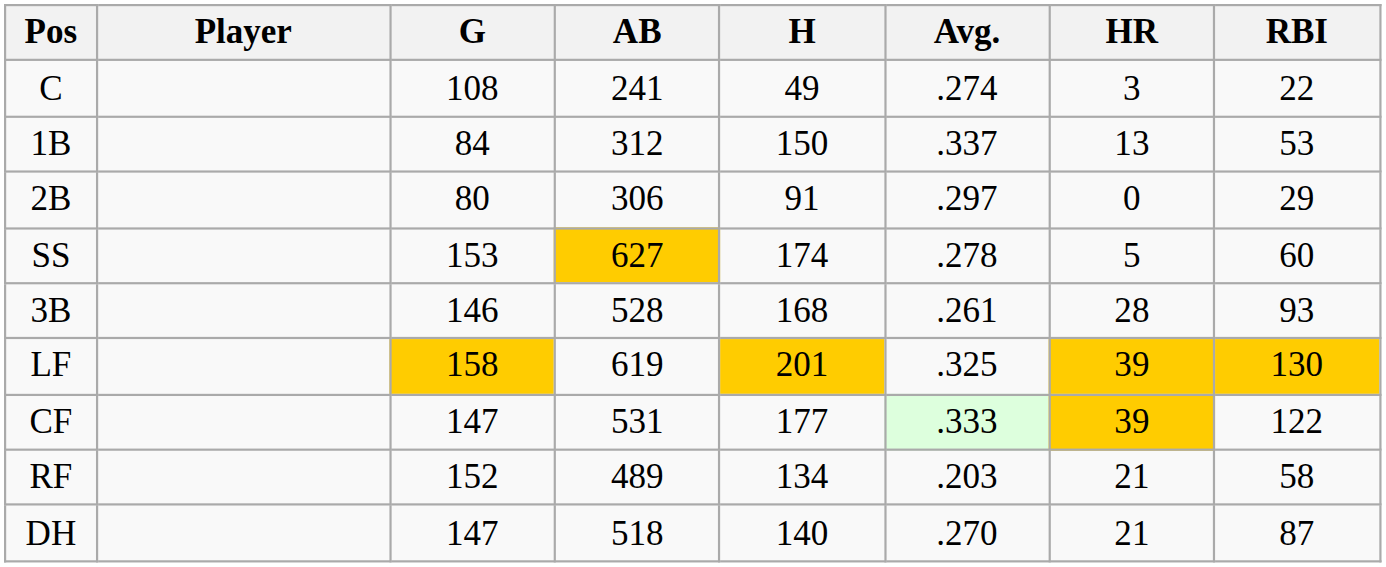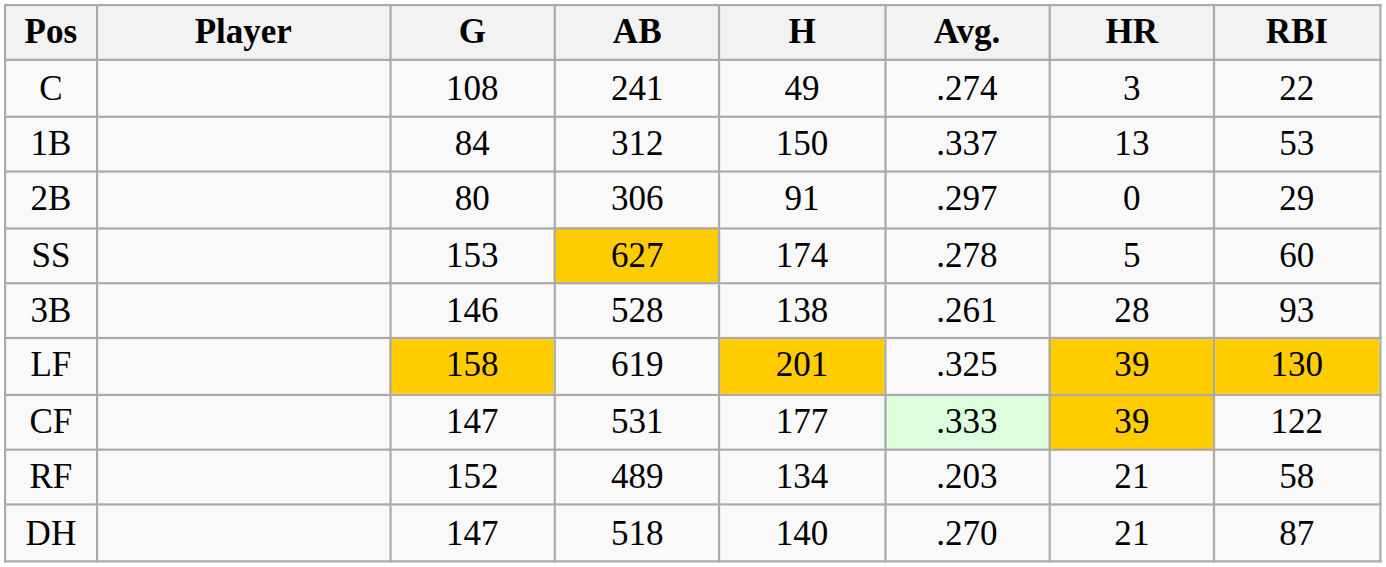 <table class="wikitable sortable">
 <tr>
 <th bgcolor="#DDDDFF" width="5%">Pos</th>
 <th bgcolor="#DDDDFF" width="16%">Player</th>
 <th bgcolor="#DDDDFF" width="9%">G</th>
 <th bgcolor="#DDDDFF" width="9%">AB</th>
 <th bgcolor="#DDDDFF" width="9%">H</th>
 <th bgcolor="#DDDDFF" width="9%">Avg.</th>
 <th bgcolor="#DDDDFF" width="9%">HR</th>
 <th bgcolor="#DDDDFF" width="9%">RBI</th>
 </tr>
 <tr align="center">
 <td>C</td>
 <td></td>
 <td>108</td>
 <td>241</td>
 <td>49</td>
 <td>.274</td>
 <td>3</td>
 <td>22</td>
 </tr>
 <tr align="center">
 <td>1B</td>
 <td></td>
 <td>84</td>
 <td>312</td>
 <td>150</td>
 <td>.337</td>
 <td>13</td>
 <td>53</td>
 </tr>
 <tr align="center">
 <td>2B</td>
 <td></td>
 <td>80</td>
 <td>306</td>
 <td>91</td>
 <td>.297</td>
 <td>0</td>
 <td>29</td>
 </tr>
 <tr align="center">
 <td>SS</td>
 <td></td>
 <td>153</td>
 <td style="background:#fc0;">627</td>
 <td>174</td>
 <td>.278</td>
 <td>5</td>
 <td>60</td>
 </tr>
 <tr align="center">
 <td>3B</td>
 <td></td>
 <td>146</td>
 <td>528</td>
-<td>168</td>
+<td>138</td>
 <td>.261</td>
 <td>28</td>
 <td>93</td>
 </tr>
 <tr align="center">
 <td>LF</td>
 <td></td>
 <td style="background:#fc0;">158</td>
 <td>619</td>
 <td style="background:#fc0;">201</td>
 <td>.325</td>
 <td style="background:#fc0;">39</td>
 <td style="background:#fc0;">130</td>
 </tr>
 <tr align="center">
 <td>CF</td>
 <td></td>
 <td>147</td>
 <td>531</td>
 <td>177</td>
 <td style="background:#DDFFDD;">.333</td>
 <td style="background:#fc0;">39</td>
 <td>122</td>
 </tr>
 <tr align="center">
 <td>RF</td>
 <td></td>
 <td>152</td>
 <td>489</td>
 <td>134</td>
 <td>.203</td>
 <td>21</td>
 <td>58</td>
 </tr>
 <tr align="center">
 <td>DH</td>
 <td></td>
 <td>147</td>
 <td>518</td>
 <td>140</td>
 <td>.270</td>
 <td>21</td>
 <td>87</td>
 </tr>
 </table>
